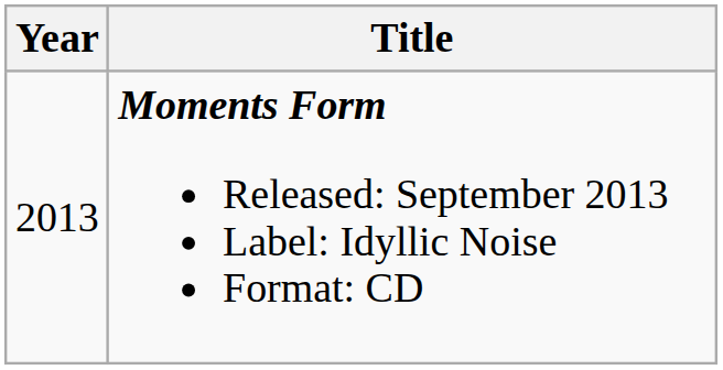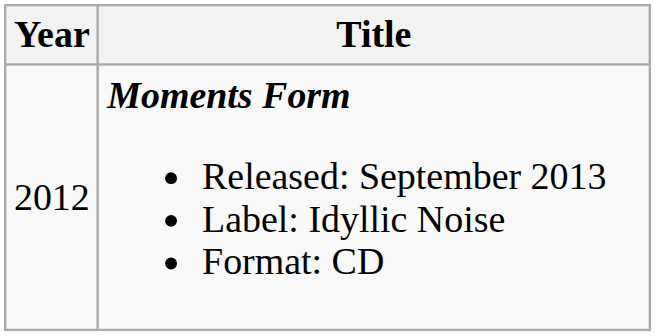 <table class="wikitable">
 <tr>
 <th>Year</th>
 <th style="width:225px;">Title</th>
 </tr>
 <tr>
-<td>2013</td>
+<td>2012</td>
 <td><strong><em>Moments Form</em></strong><br><ul><li>Released: September 2013</li><li>Label: Idyllic Noise </li><li>Format: CD</li></ul></td>
 </tr>
 </table>
